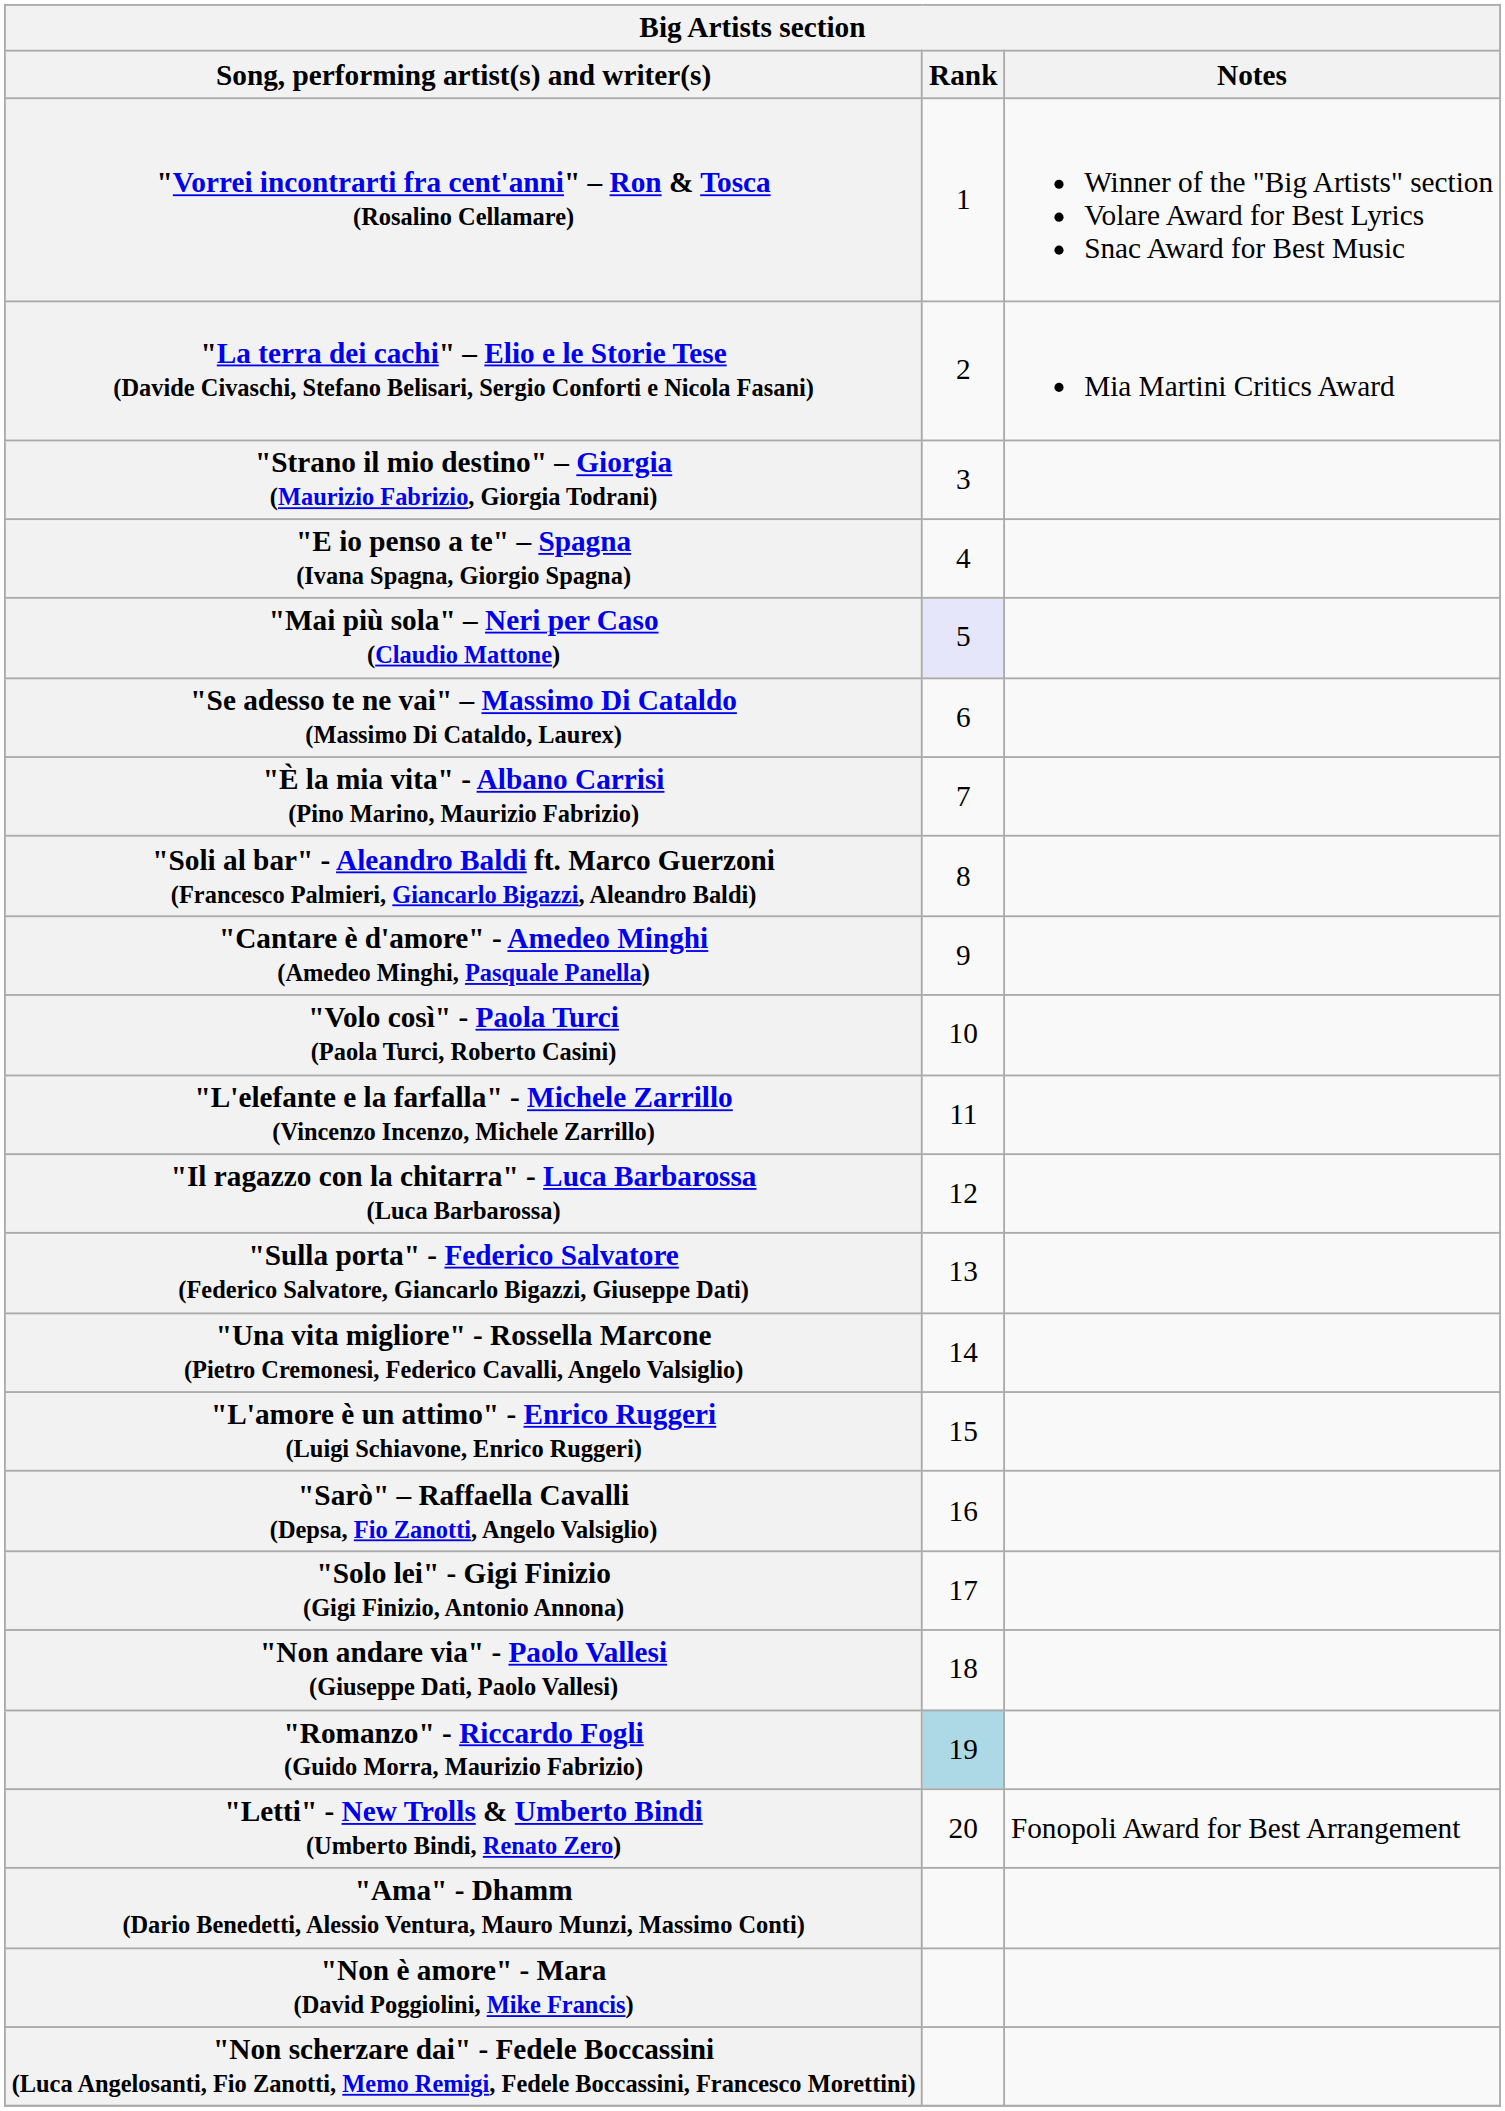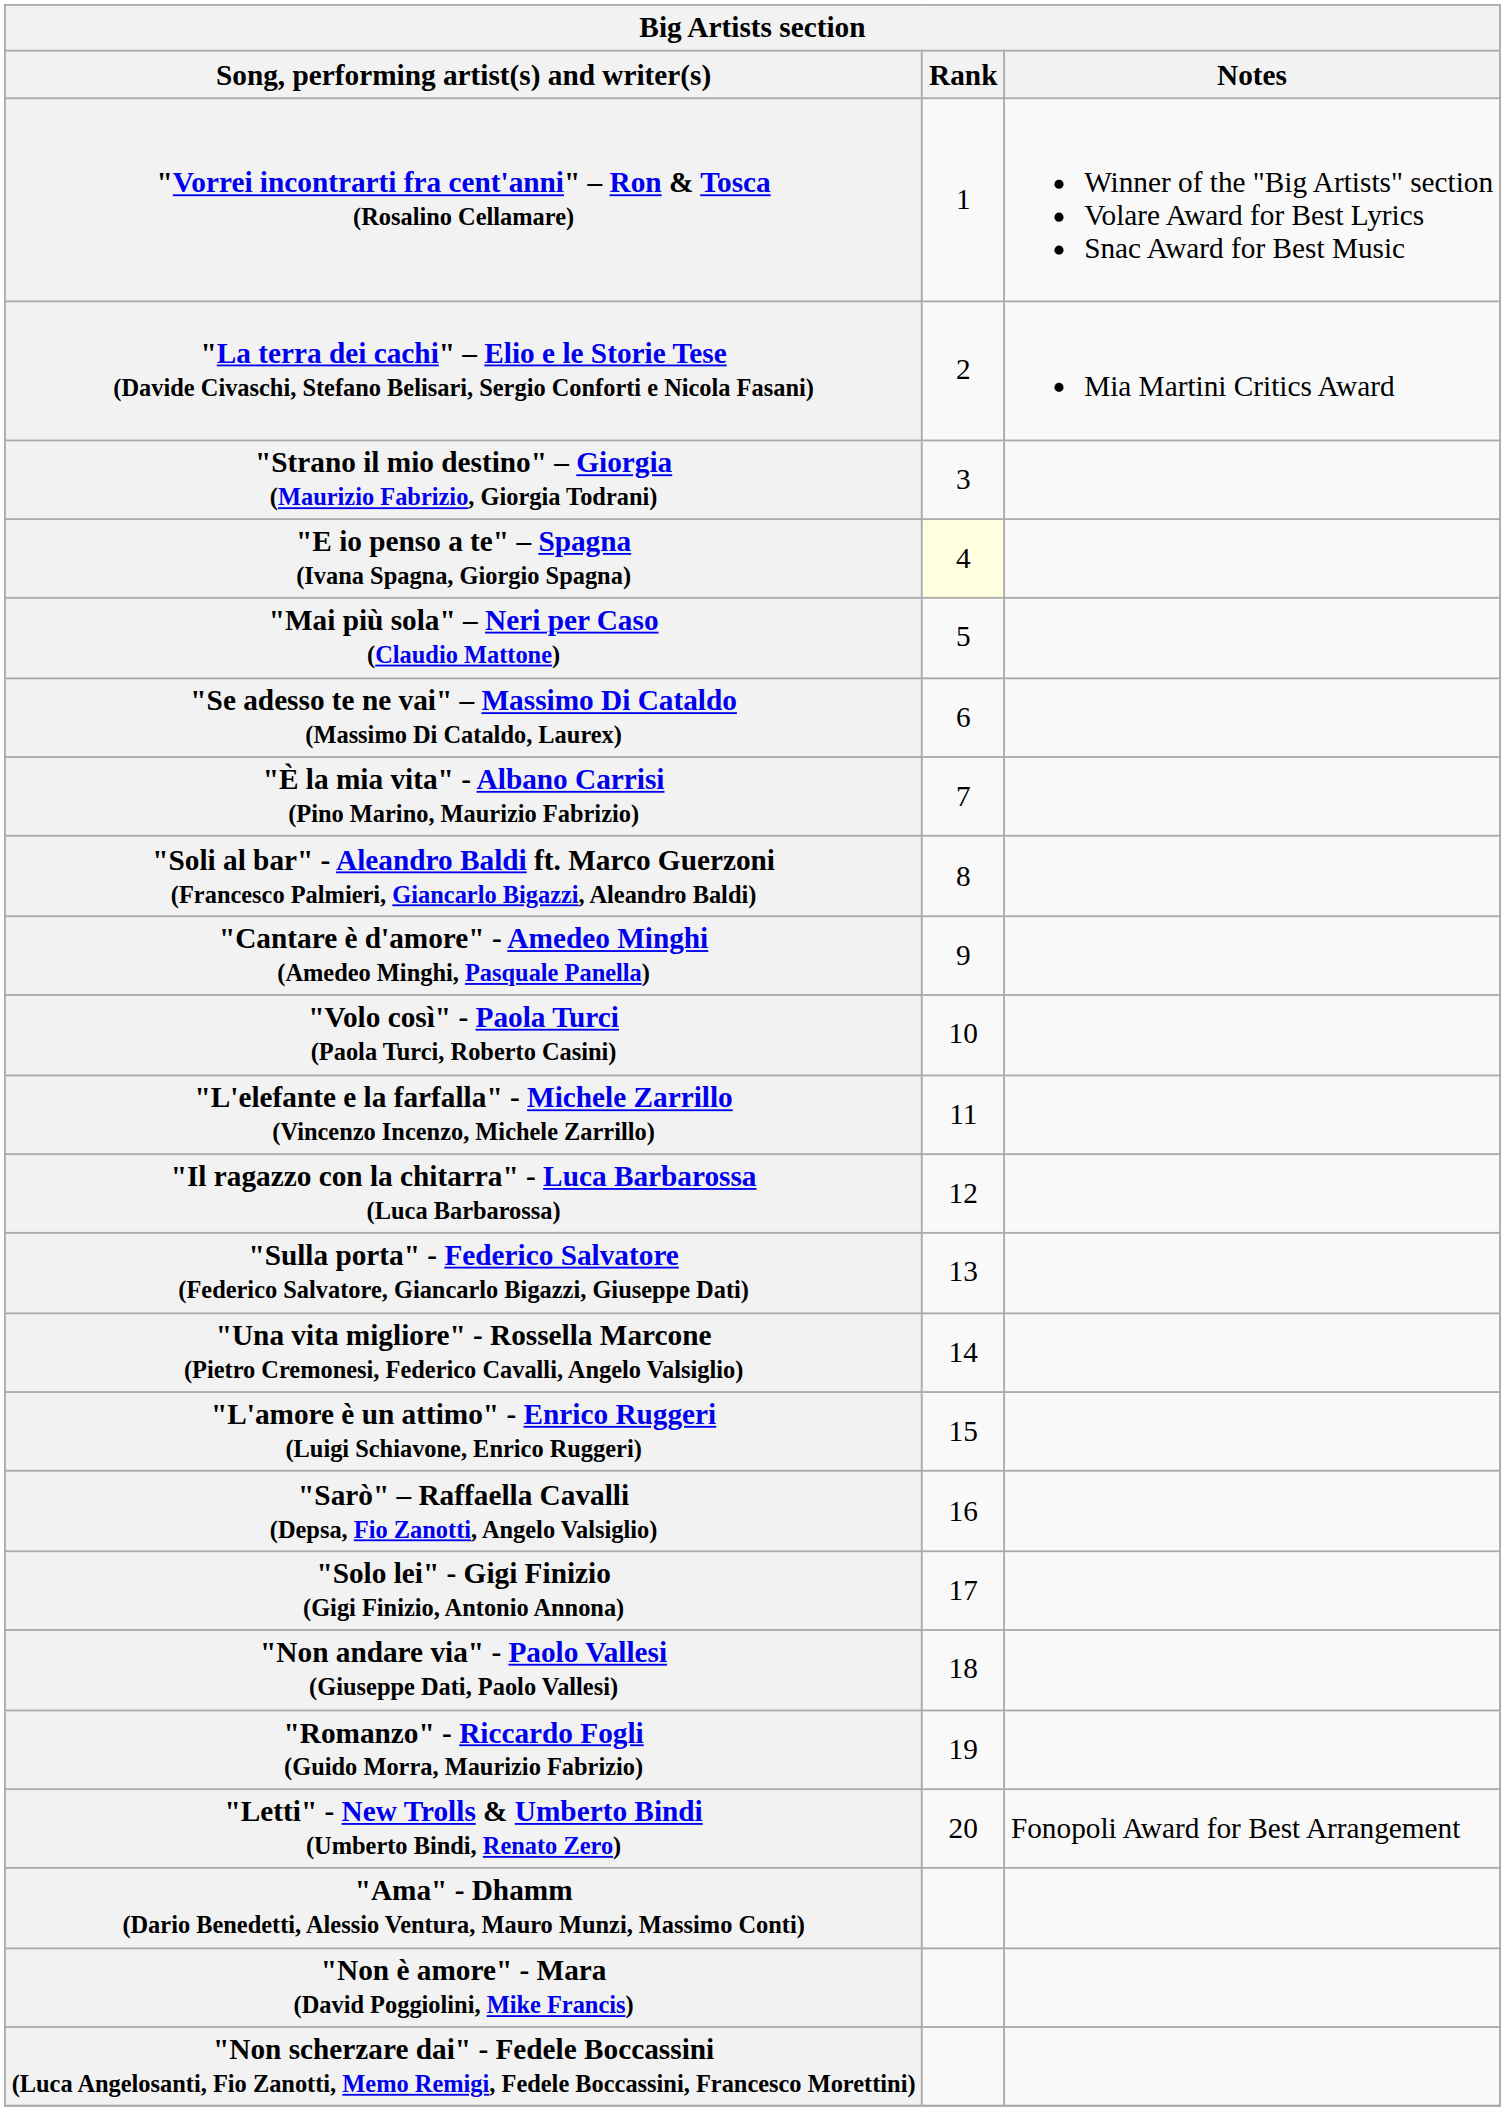 <table class="plainrowheaders wikitable">
 <tr>
 <th colspan="3">Big Artists section </th>
 </tr>
 <tr>
 <th>Song, performing artist(s) and writer(s)</th>
 <th>Rank</th>
 <th>Notes</th>
 </tr>
 <tr>
 <th scope="row">"<a href='#'>Vorrei incontrarti fra cent'anni</a>" –  <a href='#'>Ron</a> & <a href='#'>Tosca</a>  <br><small>(Rosalino Cellamare)</small></th>
 <td style="text-align:center;">1</td>
 <td><br><ul><li>Winner of the "Big Artists" section</li><li>Volare Award for Best Lyrics</li><li>Snac Award for Best Music</li></ul></td>
 </tr>
 <tr>
 <th scope="row">"<a href='#'>La terra dei cachi</a>" – <a href='#'>Elio e le Storie Tese</a> <br><small>(Davide Civaschi, Stefano Belisari, Sergio Conforti e Nicola Fasani)</small></th>
 <td style="text-align:center;">2</td>
 <td><br><ul><li>Mia Martini Critics Award</li></ul></td>
 </tr>
 <tr>
 <th scope="row">"Strano il mio destino" – <a href='#'>Giorgia</a>  <br><small>(<a href='#'>Maurizio Fabrizio</a>, Giorgia Todrani)</small></th>
 <td style="text-align:center;">3</td>
 <td></td>
 </tr>
 <tr>
 <th scope="row">"E io penso a te" – <a href='#'>Spagna</a><br><small>(Ivana Spagna, Giorgio Spagna)</small></th>
-<td style="text-align:center;">4</td>
+<td style="background: lightyellow; text-align:center;">4</td>
 <td></td>
 </tr>
 <tr>
 <th scope="row">"Mai più sola" –  <a href='#'>Neri per Caso</a> <br><small>(<a href='#'>Claudio Mattone</a>)</small></th>
-<td style="background: lavender; text-align:center;">5</td>
+<td style="text-align:center;">5</td>
 <td></td>
 </tr>
 <tr>
 <th scope="row">"Se adesso te ne vai"  – <a href='#'>Massimo Di Cataldo</a>  <br><small>(Massimo Di Cataldo, Laurex)</small></th>
 <td style="text-align:center;">6</td>
 <td></td>
 </tr>
 <tr>
 <th scope="row">"È la mia vita" - <a href='#'>Albano Carrisi</a> <br><small>(Pino Marino, Maurizio Fabrizio)</small></th>
 <td style="text-align:center;">7</td>
 <td></td>
 </tr>
 <tr>
 <th scope="row">"Soli al bar" -  <a href='#'>Aleandro Baldi</a> ft. Marco Guerzoni<br><small>(Francesco Palmieri, <a href='#'>Giancarlo Bigazzi</a>, Aleandro Baldi)</small></th>
 <td style="text-align:center;">8</td>
 <td></td>
 </tr>
 <tr>
 <th scope="row">"Cantare è d'amore" - <a href='#'>Amedeo Minghi</a>   <br><small>(Amedeo Minghi, <a href='#'>Pasquale Panella</a>)</small></th>
 <td style="text-align:center;">9</td>
 <td></td>
 </tr>
 <tr>
 <th scope="row">"Volo così" - <a href='#'>Paola Turci</a>  <br><small>(Paola Turci, Roberto Casini)</small></th>
 <td style="text-align:center;">10</td>
 <td></td>
 </tr>
 <tr>
 <th scope="row">"L'elefante e la farfalla" - <a href='#'>Michele Zarrillo</a> <br><small>(Vincenzo Incenzo, Michele Zarrillo)</small></th>
 <td style="text-align:center;">11</td>
 <td></td>
 </tr>
 <tr>
 <th scope="row">"Il ragazzo con la chitarra" -  <a href='#'>Luca Barbarossa</a><br><small>(Luca Barbarossa)</small></th>
 <td style="text-align:center;">12</td>
 <td></td>
 </tr>
 <tr>
 <th scope="row">"Sulla porta" -  <a href='#'>Federico Salvatore</a>  <br><small>(Federico Salvatore, Giancarlo Bigazzi, Giuseppe Dati)</small></th>
 <td style="text-align:center;">13</td>
 <td></td>
 </tr>
 <tr>
 <th scope="row">"Una vita migliore" - Rossella Marcone <br><small>(Pietro Cremonesi, Federico Cavalli, Angelo Valsiglio)</small></th>
 <td style="text-align:center;">14</td>
 <td></td>
 </tr>
 <tr>
 <th scope="row">"L'amore è un attimo" - <a href='#'>Enrico Ruggeri</a>  <br><small>(Luigi Schiavone, Enrico Ruggeri)</small></th>
 <td style="text-align:center;">15</td>
 <td></td>
 </tr>
 <tr>
 <th scope="row">"Sarò" – Raffaella Cavalli <br><small>(Depsa, <a href='#'>Fio Zanotti</a>, Angelo Valsiglio)</small></th>
 <td style="text-align:center;">16</td>
 <td></td>
 </tr>
 <tr>
 <th scope="row">"Solo lei" - Gigi Finizio<br><small>(Gigi Finizio, Antonio Annona)</small></th>
 <td style="text-align:center;">17</td>
 <td></td>
 </tr>
 <tr>
 <th scope="row">"Non andare via" - <a href='#'>Paolo Vallesi</a> <br><small>(Giuseppe Dati, Paolo Vallesi)</small></th>
 <td style="text-align:center;">18</td>
 <td></td>
 </tr>
 <tr>
 <th scope="row">"Romanzo" - <a href='#'>Riccardo Fogli</a> <br><small>(Guido Morra, Maurizio Fabrizio)</small></th>
-<td style="background: lightblue; text-align:center;">19</td>
+<td style="text-align:center;">19</td>
 <td></td>
 </tr>
 <tr>
 <th scope="row">"Letti" - <a href='#'>New Trolls</a> & <a href='#'>Umberto Bindi</a> <br><small>(Umberto Bindi, <a href='#'>Renato Zero</a>)</small></th>
 <td style="text-align:center;">20</td>
 <td>Fonopoli Award for Best Arrangement</td>
 </tr>
 <tr>
 <th scope="row">"Ama" -  Dhamm<br><small>(Dario Benedetti, Alessio Ventura, Mauro Munzi, Massimo Conti)</small></th>
 <td></td>
 <td></td>
 </tr>
 <tr>
 <th scope="row">"Non è amore" - Mara<br><small>(David Poggiolini, <a href='#'>Mike Francis</a>)</small></th>
 <td></td>
 <td></td>
 </tr>
 <tr>
 <th scope="row">"Non scherzare dai" -  Fedele Boccassini <br><small>(Luca Angelosanti, Fio Zanotti, <a href='#'>Memo Remigi</a>, Fedele Boccassini, Francesco Morettini)</small></th>
 <td></td>
 <td></td>
 </tr>
 <tr>
 </tr>
 </table>
